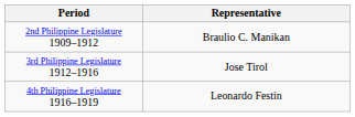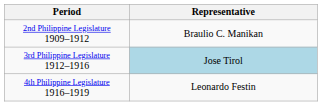 <table class="wikitable" style="text-align:center; width:40%;">
 <tr>
 <th width="40%">Period</th>
 <th>Representative</th>
 </tr>
 <tr>
 <td><small><a href='#'>2nd Philippine Legislature</a></small><br>1909–1912</td>
 <td>Braulio C. Manikan</td>
 </tr>
 <tr>
 <td><small><a href='#'>3rd Philippine Legislature</a></small><br>1912–1916</td>
-<td>Jose Tirol</td>
+<td style="background: lightblue;">Jose Tirol</td>
 </tr>
 <tr>
 <td><small><a href='#'>4th Philippine Legislature</a></small><br>1916–1919</td>
 <td>Leonardo Festin</td>
 </tr>
 </table>
